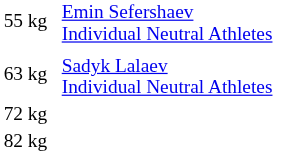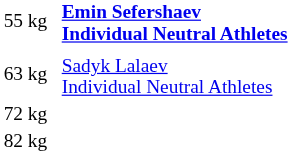 <table>
 <tr>
 <td rowspan=2>55 kg<br></td>
 <td rowspan=2></td>
 <td rowspan=2></td>
 <td></td>
 </tr>
 <tr>
-<td><a href='#'>Emin Sefershaev</a><br> <a href='#'>Individual Neutral Athletes</a></td>
+<td><strong><a href='#'>Emin Sefershaev</a><br> <a href='#'>Individual Neutral Athletes</a></strong></td>
 </tr>
 <tr>
 <td rowspan=2>63 kg<br></td>
 <td rowspan=2></td>
 <td rowspan=2></td>
 <td></td>
 </tr>
 <tr>
 <td><a href='#'>Sadyk Lalaev</a><br> <a href='#'>Individual Neutral Athletes</a></td>
 </tr>
 <tr>
 <td rowspan=2>72 kg<br></td>
 <td rowspan=2></td>
 <td rowspan=2></td>
 <td></td>
 </tr>
 <tr>
 <td></td>
 </tr>
 <tr>
 <td rowspan=2>82 kg<br></td>
 <td rowspan=2></td>
 <td rowspan=2></td>
 <td></td>
 </tr>
 <tr>
 <td></td>
 </tr>
 </table>
